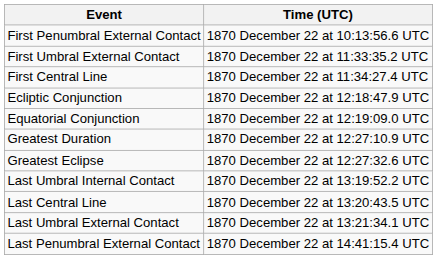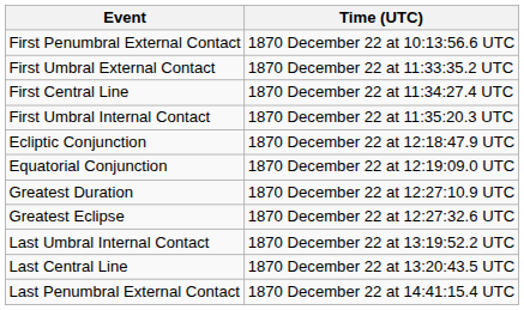 <table class="wikitable">
 <tr>
 <th>Event</th>
 <th>Time (UTC)</th>
 </tr>
 <tr>
 <td>First Penumbral External Contact</td>
 <td>1870 December 22 at 10:13:56.6 UTC</td>
 </tr>
 <tr>
 <td>First Umbral External Contact</td>
 <td>1870 December 22 at 11:33:35.2 UTC</td>
 </tr>
 <tr>
 <td>First Central Line</td>
 <td>1870 December 22 at 11:34:27.4 UTC</td>
+</tr>
+<tr>
+<td>First Umbral Internal Contact</td>
+<td>1870 December 22 at 11:35:20.3 UTC</td>
 </tr>
 <tr>
 <td>Ecliptic Conjunction</td>
 <td>1870 December 22 at 12:18:47.9 UTC</td>
 </tr>
 <tr>
 <td>Equatorial Conjunction</td>
 <td>1870 December 22 at 12:19:09.0 UTC</td>
 </tr>
 <tr>
 <td>Greatest Duration</td>
 <td>1870 December 22 at 12:27:10.9 UTC</td>
 </tr>
 <tr>
 <td>Greatest Eclipse</td>
 <td>1870 December 22 at 12:27:32.6 UTC</td>
 </tr>
 <tr>
 <td>Last Umbral Internal Contact</td>
 <td>1870 December 22 at 13:19:52.2 UTC</td>
 </tr>
 <tr>
 <td>Last Central Line</td>
 <td>1870 December 22 at 13:20:43.5 UTC</td>
 </tr>
 <tr>
-<td>Last Umbral External Contact</td>
-<td>1870 December 22 at 13:21:34.1 UTC</td>
-</tr>
-<tr>
 <td>Last Penumbral External Contact</td>
 <td>1870 December 22 at 14:41:15.4 UTC</td>
 </tr>
 </table>
